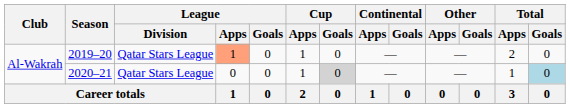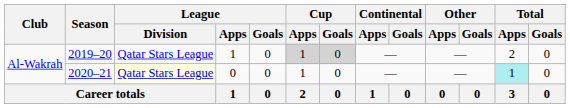 <table class="wikitable" style="text-align: center">
 <tr>
 <th rowspan="2">Club</th>
 <th rowspan="2">Season</th>
 <th colspan="3">League</th>
 <th colspan="2">Cup</th>
 <th colspan="2">Continental</th>
 <th colspan="2">Other</th>
 <th colspan="2">Total</th>
 </tr>
 <tr>
 <th>Division</th>
 <th>Apps</th>
 <th>Goals</th>
 <th>Apps</th>
 <th>Goals</th>
 <th>Apps</th>
 <th>Goals</th>
 <th>Apps</th>
 <th>Goals</th>
 <th>Apps</th>
 <th>Goals</th>
 </tr>
 <tr>
 <td rowspan=2><a href='#'>Al-Wakrah</a></td>
 <td><a href='#'>2019–20</a></td>
 <td><a href='#'>Qatar Stars League</a></td>
-<td style="background: lightsalmon;">1</td>
-<td>0</td>
 <td>1</td>
 <td>0</td>
+<td style="background: lightgrey;">1</td>
+<td style="background: lightgrey;">0</td>
 <td colspan=2>—</td>
 <td colspan=2>—</td>
 <td>2</td>
 <td>0</td>
 </tr>
 <tr>
 <td><a href='#'>2020–21</a></td>
-<td><a href='#'>Qatar Stars League</a></td>
+<td style="background: lightyellow;"><a href='#'>Qatar Stars League</a></td>
 <td>0</td>
 <td>0</td>
 <td>1</td>
-<td style="background: lightgrey;">0</td>
+<td>0</td>
 <td colspan=2>—</td>
 <td colspan=2>—</td>
-<td>1</td>
-<td style="background: lightblue;">0</td>
+<td style="background: paleturquoise;">1</td>
+<td>0</td>
 </tr>
 <tr>
 <th colspan=3>Career totals</th>
 <th>1</th>
 <th>0</th>
 <th>2</th>
 <th>0</th>
 <th>1</th>
 <th>0</th>
 <th>0</th>
 <th>0</th>
 <th>3</th>
 <th>0</th>
 </tr>
 </table>
